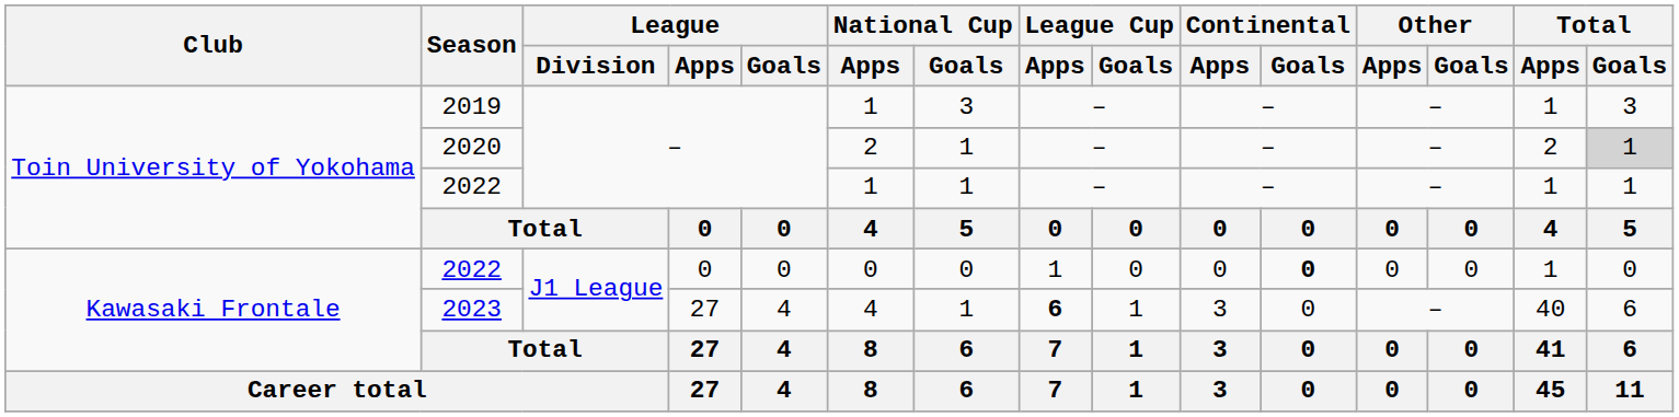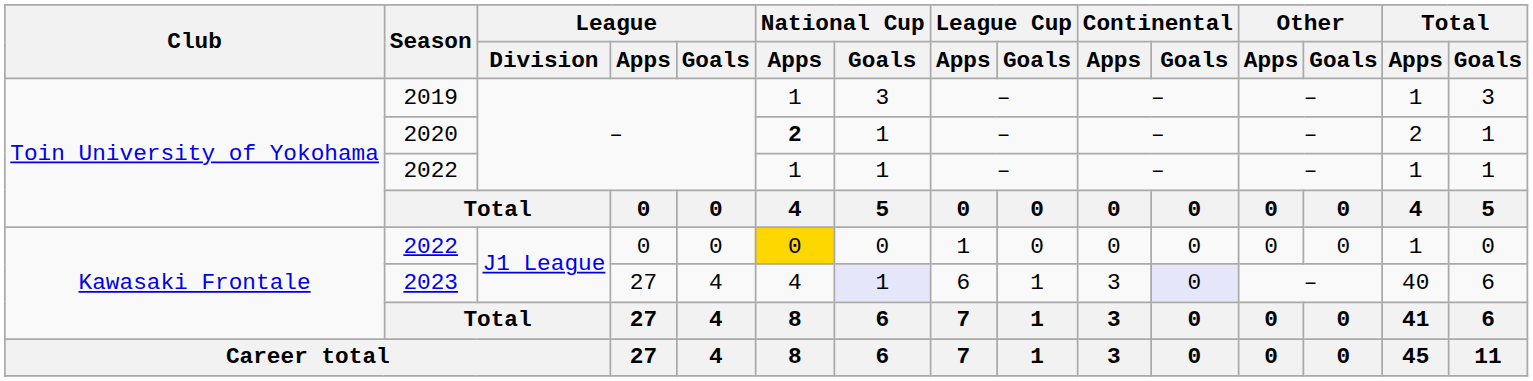 <table class="wikitable" style="text-align: center">
 <tr>
 <th rowspan="2">Club</th>
 <th rowspan="2">Season</th>
 <th colspan="3">League</th>
 <th colspan="2">National Cup</th>
 <th colspan="2">League Cup</th>
 <th colspan="2">Continental</th>
 <th colspan="2">Other</th>
 <th colspan="2">Total</th>
 </tr>
 <tr>
 <th>Division</th>
 <th>Apps</th>
 <th>Goals</th>
 <th>Apps</th>
 <th>Goals</th>
 <th>Apps</th>
 <th>Goals</th>
 <th>Apps</th>
 <th>Goals</th>
 <th>Apps</th>
 <th>Goals</th>
 <th>Apps</th>
 <th>Goals</th>
 </tr>
 <tr>
 <td rowspan="4"><a href='#'>Toin University of Yokohama</a></td>
 <td>2019</td>
 <td colspan="3" rowspan="3">–</td>
 <td>1</td>
 <td>3</td>
 <td colspan="2">–</td>
 <td colspan="2">–</td>
 <td colspan="2">–</td>
 <td>1</td>
 <td>3</td>
 </tr>
 <tr>
 <td>2020</td>
-<td>2</td>
+<td><strong>2</strong></td>
 <td>1</td>
 <td colspan="2">–</td>
 <td colspan="2">–</td>
 <td colspan="2">–</td>
 <td>2</td>
-<td style="background: lightgrey;">1</td>
+<td>1</td>
 </tr>
 <tr>
 <td>2022</td>
 <td>1</td>
 <td>1</td>
 <td colspan="2">–</td>
 <td colspan="2">–</td>
 <td colspan="2">–</td>
 <td>1</td>
 <td>1</td>
 </tr>
 <tr>
 <th colspan=2>Total</th>
 <th>0</th>
 <th>0</th>
 <th>4</th>
 <th>5</th>
 <th>0</th>
 <th>0</th>
 <th>0</th>
 <th>0</th>
 <th>0</th>
 <th>0</th>
 <th>4</th>
 <th>5</th>
 </tr>
 <tr>
 <td rowspan="3"><a href='#'>Kawasaki Frontale</a></td>
 <td><a href='#'>2022</a></td>
 <td rowspan="2"><a href='#'>J1 League</a></td>
 <td>0</td>
 <td>0</td>
-<td>0</td>
+<td style="background: gold;">0</td>
 <td>0</td>
 <td>1</td>
 <td>0</td>
 <td>0</td>
-<td><strong>0</strong></td>
+<td>0</td>
 <td>0</td>
 <td>0</td>
 <td>1</td>
 <td>0</td>
 </tr>
 <tr>
 <td><a href='#'>2023</a></td>
 <td>27</td>
 <td>4</td>
 <td>4</td>
-<td>1</td>
-<td><strong>6</strong></td>
+<td style="background: lavender;">1</td>
+<td>6</td>
 <td>1</td>
 <td>3</td>
-<td>0</td>
+<td style="background: lavender;">0</td>
 <td colspan="2">–</td>
 <td>40</td>
 <td>6</td>
 </tr>
 <tr>
 <th colspan=2>Total</th>
 <th>27</th>
 <th>4</th>
 <th>8</th>
 <th>6</th>
 <th>7</th>
 <th>1</th>
 <th>3</th>
 <th>0</th>
 <th>0</th>
 <th>0</th>
 <th>41</th>
 <th>6</th>
 </tr>
 <tr>
 <th colspan=3>Career total</th>
 <th>27</th>
 <th>4</th>
 <th>8</th>
 <th>6</th>
 <th>7</th>
 <th>1</th>
 <th>3</th>
 <th>0</th>
 <th>0</th>
 <th>0</th>
 <th>45</th>
 <th>11</th>
 </tr>
 </table>
